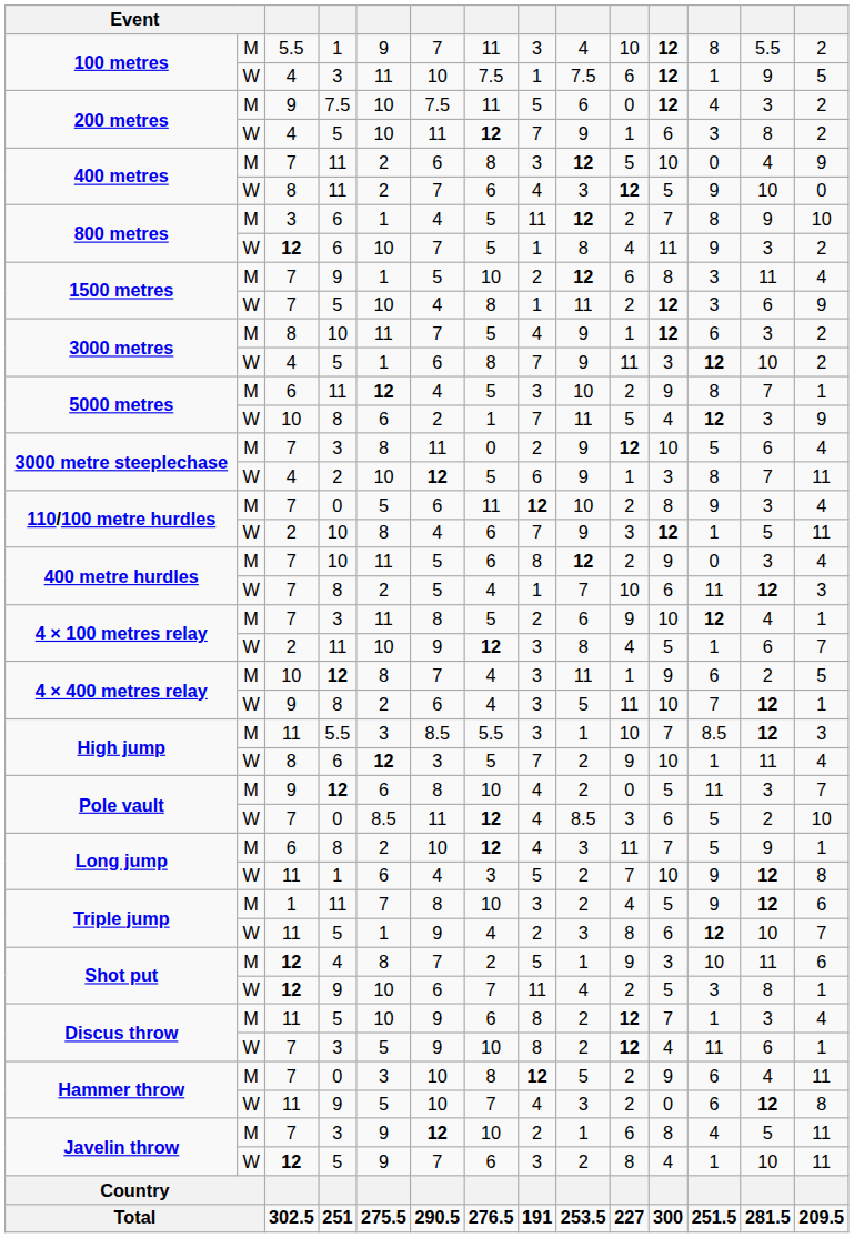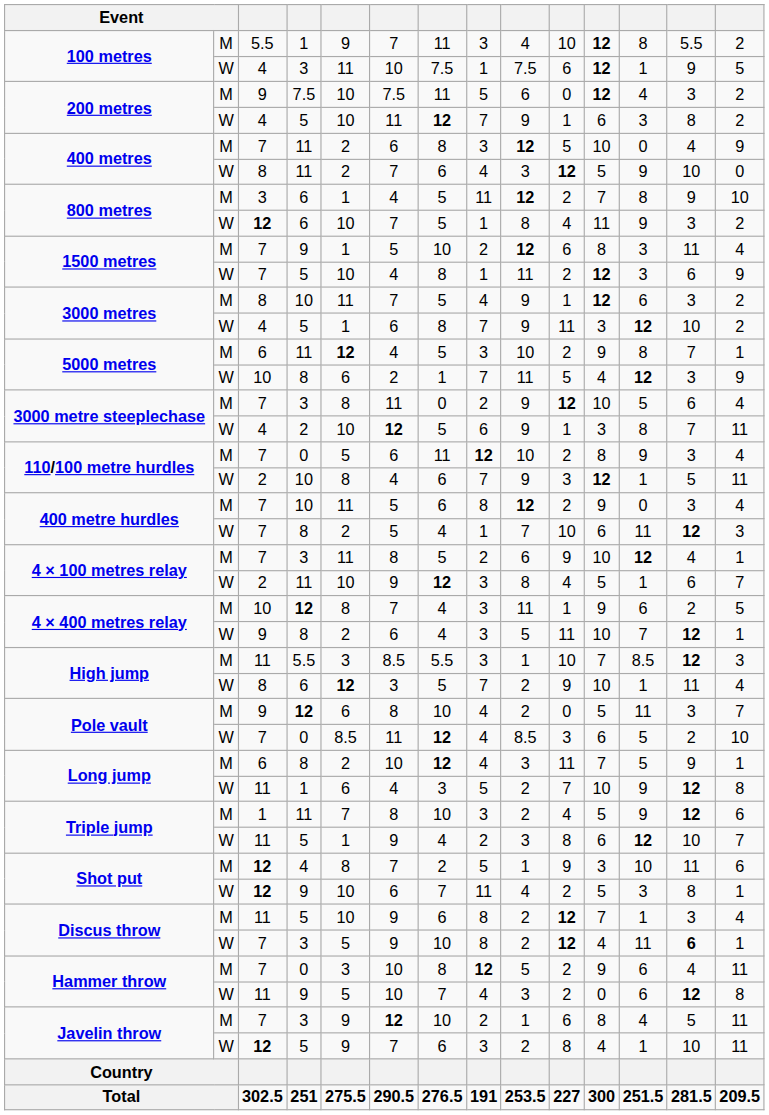 <table class="wikitable" style="background-color: #f9f9f9; font-size: 90%; text-align: center">
 <tr>
 <th width=200 colspan=2>Event</th>
 <th></th>
 <th></th>
 <th></th>
 <th></th>
 <th></th>
 <th></th>
 <th></th>
 <th></th>
 <th></th>
 <th></th>
 <th></th>
 <th></th>
 </tr>
 <tr>
 <td rowspan=2><strong><a href='#'>100 metres</a></strong></td>
 <td>M</td>
 <td>5.5</td>
 <td>1</td>
 <td>9</td>
 <td>7</td>
 <td>11</td>
 <td>3</td>
 <td>4</td>
 <td>10</td>
 <td><strong>12</strong></td>
 <td>8</td>
 <td>5.5</td>
 <td>2</td>
 </tr>
 <tr>
 <td>W</td>
 <td>4</td>
 <td>3</td>
 <td>11</td>
 <td>10</td>
 <td>7.5</td>
 <td>1</td>
 <td>7.5</td>
 <td>6</td>
 <td><strong>12</strong></td>
 <td>1</td>
 <td>9</td>
 <td>5</td>
 </tr>
 <tr>
 <td rowspan=2><strong><a href='#'>200 metres</a></strong></td>
 <td>M</td>
 <td>9</td>
 <td>7.5</td>
 <td>10</td>
 <td>7.5</td>
 <td>11</td>
 <td>5</td>
 <td>6</td>
 <td>0</td>
 <td><strong>12</strong></td>
 <td>4</td>
 <td>3</td>
 <td>2</td>
 </tr>
 <tr>
 <td>W</td>
 <td>4</td>
 <td>5</td>
 <td>10</td>
 <td>11</td>
 <td><strong>12</strong></td>
 <td>7</td>
 <td>9</td>
 <td>1</td>
 <td>6</td>
 <td>3</td>
 <td>8</td>
 <td>2</td>
 </tr>
 <tr>
 <td rowspan=2><strong><a href='#'>400 metres</a></strong></td>
 <td>M</td>
 <td>7</td>
 <td>11</td>
 <td>2</td>
 <td>6</td>
 <td>8</td>
 <td>3</td>
 <td><strong>12</strong></td>
 <td>5</td>
 <td>10</td>
 <td>0</td>
 <td>4</td>
 <td>9</td>
 </tr>
 <tr>
 <td>W</td>
 <td>8</td>
 <td>11</td>
 <td>2</td>
 <td>7</td>
 <td>6</td>
 <td>4</td>
 <td>3</td>
 <td><strong>12</strong></td>
 <td>5</td>
 <td>9</td>
 <td>10</td>
 <td>0</td>
 </tr>
 <tr>
 <td rowspan=2><strong><a href='#'>800 metres</a></strong></td>
 <td>M</td>
 <td>3</td>
 <td>6</td>
 <td>1</td>
 <td>4</td>
 <td>5</td>
 <td>11</td>
 <td><strong>12</strong></td>
 <td>2</td>
 <td>7</td>
 <td>8</td>
 <td>9</td>
 <td>10</td>
 </tr>
 <tr>
 <td>W</td>
 <td><strong>12</strong></td>
 <td>6</td>
 <td>10</td>
 <td>7</td>
 <td>5</td>
 <td>1</td>
 <td>8</td>
 <td>4</td>
 <td>11</td>
 <td>9</td>
 <td>3</td>
 <td>2</td>
 </tr>
 <tr>
 <td rowspan=2><strong><a href='#'>1500 metres</a></strong></td>
 <td>M</td>
 <td>7</td>
 <td>9</td>
 <td>1</td>
 <td>5</td>
 <td>10</td>
 <td>2</td>
 <td><strong>12</strong></td>
 <td>6</td>
 <td>8</td>
 <td>3</td>
 <td>11</td>
 <td>4</td>
 </tr>
 <tr>
 <td>W</td>
 <td>7</td>
 <td>5</td>
 <td>10</td>
 <td>4</td>
 <td>8</td>
 <td>1</td>
 <td>11</td>
 <td>2</td>
 <td><strong>12</strong></td>
 <td>3</td>
 <td>6</td>
 <td>9</td>
 </tr>
 <tr>
 <td rowspan=2><strong><a href='#'>3000 metres</a></strong></td>
 <td>M</td>
 <td>8</td>
 <td>10</td>
 <td>11</td>
 <td>7</td>
 <td>5</td>
 <td>4</td>
 <td>9</td>
 <td>1</td>
 <td><strong>12</strong></td>
 <td>6</td>
 <td>3</td>
 <td>2</td>
 </tr>
 <tr>
 <td>W</td>
 <td>4</td>
 <td>5</td>
 <td>1</td>
 <td>6</td>
 <td>8</td>
 <td>7</td>
 <td>9</td>
 <td>11</td>
 <td>3</td>
 <td><strong>12</strong></td>
 <td>10</td>
 <td>2</td>
 </tr>
 <tr>
 <td rowspan=2><strong><a href='#'>5000 metres</a></strong></td>
 <td>M</td>
 <td>6</td>
 <td>11</td>
 <td><strong>12</strong></td>
 <td>4</td>
 <td>5</td>
 <td>3</td>
 <td>10</td>
 <td>2</td>
 <td>9</td>
 <td>8</td>
 <td>7</td>
 <td>1</td>
 </tr>
 <tr>
 <td>W</td>
 <td>10</td>
 <td>8</td>
 <td>6</td>
 <td>2</td>
 <td>1</td>
 <td>7</td>
 <td>11</td>
 <td>5</td>
 <td>4</td>
 <td><strong>12</strong></td>
 <td>3</td>
 <td>9</td>
 </tr>
 <tr>
 <td rowspan=2><strong><a href='#'>3000 metre steeplechase</a></strong></td>
 <td>M</td>
 <td>7</td>
 <td>3</td>
 <td>8</td>
 <td>11</td>
 <td>0</td>
 <td>2</td>
 <td>9</td>
 <td><strong>12</strong></td>
 <td>10</td>
 <td>5</td>
 <td>6</td>
 <td>4</td>
 </tr>
 <tr>
 <td>W</td>
 <td>4</td>
 <td>2</td>
 <td>10</td>
 <td><strong>12</strong></td>
 <td>5</td>
 <td>6</td>
 <td>9</td>
 <td>1</td>
 <td>3</td>
 <td>8</td>
 <td>7</td>
 <td>11</td>
 </tr>
 <tr>
 <td rowspan=2><strong><a href='#'>110</a>/<a href='#'>100 metre hurdles</a></strong></td>
 <td>M</td>
 <td>7</td>
 <td>0</td>
 <td>5</td>
 <td>6</td>
 <td>11</td>
 <td><strong>12</strong></td>
 <td>10</td>
 <td>2</td>
 <td>8</td>
 <td>9</td>
 <td>3</td>
 <td>4</td>
 </tr>
 <tr>
 <td>W</td>
 <td>2</td>
 <td>10</td>
 <td>8</td>
 <td>4</td>
 <td>6</td>
 <td>7</td>
 <td>9</td>
 <td>3</td>
 <td><strong>12</strong></td>
 <td>1</td>
 <td>5</td>
 <td>11</td>
 </tr>
 <tr>
 <td rowspan=2><strong><a href='#'>400 metre hurdles</a></strong></td>
 <td>M</td>
 <td>7</td>
 <td>10</td>
 <td>11</td>
 <td>5</td>
 <td>6</td>
 <td>8</td>
 <td><strong>12</strong></td>
 <td>2</td>
 <td>9</td>
 <td>0</td>
 <td>3</td>
 <td>4</td>
 </tr>
 <tr>
 <td>W</td>
 <td>7</td>
 <td>8</td>
 <td>2</td>
 <td>5</td>
 <td>4</td>
 <td>1</td>
 <td>7</td>
 <td>10</td>
 <td>6</td>
 <td>11</td>
 <td><strong>12</strong></td>
 <td>3</td>
 </tr>
 <tr>
 <td rowspan=2><strong><a href='#'>4 × 100 metres relay</a></strong></td>
 <td>M</td>
 <td>7</td>
 <td>3</td>
 <td>11</td>
 <td>8</td>
 <td>5</td>
 <td>2</td>
 <td>6</td>
 <td>9</td>
 <td>10</td>
 <td><strong>12</strong></td>
 <td>4</td>
 <td>1</td>
 </tr>
 <tr>
 <td>W</td>
 <td>2</td>
 <td>11</td>
 <td>10</td>
 <td>9</td>
 <td><strong>12</strong></td>
 <td>3</td>
 <td>8</td>
 <td>4</td>
 <td>5</td>
 <td>1</td>
 <td>6</td>
 <td>7</td>
 </tr>
 <tr>
 <td rowspan=2><strong><a href='#'>4 × 400 metres relay</a></strong></td>
 <td>M</td>
 <td>10</td>
 <td><strong>12</strong></td>
 <td>8</td>
 <td>7</td>
 <td>4</td>
 <td>3</td>
 <td>11</td>
 <td>1</td>
 <td>9</td>
 <td>6</td>
 <td>2</td>
 <td>5</td>
 </tr>
 <tr>
 <td>W</td>
 <td>9</td>
 <td>8</td>
 <td>2</td>
 <td>6</td>
 <td>4</td>
 <td>3</td>
 <td>5</td>
 <td>11</td>
 <td>10</td>
 <td>7</td>
 <td><strong>12</strong></td>
 <td>1</td>
 </tr>
 <tr>
 <td rowspan=2><strong><a href='#'>High jump</a></strong></td>
 <td>M</td>
 <td>11</td>
 <td>5.5</td>
 <td>3</td>
 <td>8.5</td>
 <td>5.5</td>
 <td>3</td>
 <td>1</td>
 <td>10</td>
 <td>7</td>
 <td>8.5</td>
 <td><strong>12</strong></td>
 <td>3</td>
 </tr>
 <tr>
 <td>W</td>
 <td>8</td>
 <td>6</td>
 <td><strong>12</strong></td>
 <td>3</td>
 <td>5</td>
 <td>7</td>
 <td>2</td>
 <td>9</td>
 <td>10</td>
 <td>1</td>
 <td>11</td>
 <td>4</td>
 </tr>
 <tr>
 <td rowspan=2><strong><a href='#'>Pole vault</a></strong></td>
 <td>M</td>
 <td>9</td>
 <td><strong>12</strong></td>
 <td>6</td>
 <td>8</td>
 <td>10</td>
 <td>4</td>
 <td>2</td>
 <td>0</td>
 <td>5</td>
 <td>11</td>
 <td>3</td>
 <td>7</td>
 </tr>
 <tr>
 <td>W</td>
 <td>7</td>
 <td>0</td>
 <td>8.5</td>
 <td>11</td>
 <td><strong>12</strong></td>
 <td>4</td>
 <td>8.5</td>
 <td>3</td>
 <td>6</td>
 <td>5</td>
 <td>2</td>
 <td>10</td>
 </tr>
 <tr>
 <td rowspan=2><strong><a href='#'>Long jump</a></strong></td>
 <td>M</td>
 <td>6</td>
 <td>8</td>
 <td>2</td>
 <td>10</td>
 <td><strong>12</strong></td>
 <td>4</td>
 <td>3</td>
 <td>11</td>
 <td>7</td>
 <td>5</td>
 <td>9</td>
 <td>1</td>
 </tr>
 <tr>
 <td>W</td>
 <td>11</td>
 <td>1</td>
 <td>6</td>
 <td>4</td>
 <td>3</td>
 <td>5</td>
 <td>2</td>
 <td>7</td>
 <td>10</td>
 <td>9</td>
 <td><strong>12</strong></td>
 <td>8</td>
 </tr>
 <tr>
 <td rowspan=2><strong><a href='#'>Triple jump</a></strong></td>
 <td>M</td>
 <td>1</td>
 <td>11</td>
 <td>7</td>
 <td>8</td>
 <td>10</td>
 <td>3</td>
 <td>2</td>
 <td>4</td>
 <td>5</td>
 <td>9</td>
 <td><strong>12</strong></td>
 <td>6</td>
 </tr>
 <tr>
 <td>W</td>
 <td>11</td>
 <td>5</td>
 <td>1</td>
 <td>9</td>
 <td>4</td>
 <td>2</td>
 <td>3</td>
 <td>8</td>
 <td>6</td>
 <td><strong>12</strong></td>
 <td>10</td>
 <td>7</td>
 </tr>
 <tr>
 <td rowspan=2><strong><a href='#'>Shot put</a></strong></td>
 <td>M</td>
 <td><strong>12</strong></td>
 <td>4</td>
 <td>8</td>
 <td>7</td>
 <td>2</td>
 <td>5</td>
 <td>1</td>
 <td>9</td>
 <td>3</td>
 <td>10</td>
 <td>11</td>
 <td>6</td>
 </tr>
 <tr>
 <td>W</td>
 <td><strong>12</strong></td>
 <td>9</td>
 <td>10</td>
 <td>6</td>
 <td>7</td>
 <td>11</td>
 <td>4</td>
 <td>2</td>
 <td>5</td>
 <td>3</td>
 <td>8</td>
 <td>1</td>
 </tr>
 <tr>
 <td rowspan=2><strong><a href='#'>Discus throw</a></strong></td>
 <td>M</td>
 <td>11</td>
 <td>5</td>
 <td>10</td>
 <td>9</td>
 <td>6</td>
 <td>8</td>
 <td>2</td>
 <td><strong>12</strong></td>
 <td>7</td>
 <td>1</td>
 <td>3</td>
 <td>4</td>
 </tr>
 <tr>
 <td>W</td>
 <td>7</td>
 <td>3</td>
 <td>5</td>
 <td>9</td>
 <td>10</td>
 <td>8</td>
 <td>2</td>
 <td><strong>12</strong></td>
 <td>4</td>
 <td>11</td>
-<td>6</td>
+<td><strong>6</strong></td>
 <td>1</td>
 </tr>
 <tr>
 <td rowspan=2><strong><a href='#'>Hammer throw</a></strong></td>
 <td>M</td>
 <td>7</td>
 <td>0</td>
 <td>3</td>
 <td>10</td>
 <td>8</td>
 <td><strong>12</strong></td>
 <td>5</td>
 <td>2</td>
 <td>9</td>
 <td>6</td>
 <td>4</td>
 <td>11</td>
 </tr>
 <tr>
 <td>W</td>
 <td>11</td>
 <td>9</td>
 <td>5</td>
 <td>10</td>
 <td>7</td>
 <td>4</td>
 <td>3</td>
 <td>2</td>
 <td>0</td>
 <td>6</td>
 <td><strong>12</strong></td>
 <td>8</td>
 </tr>
 <tr>
 <td rowspan=2><strong><a href='#'>Javelin throw</a></strong></td>
 <td>M</td>
 <td>7</td>
 <td>3</td>
 <td>9</td>
 <td><strong>12</strong></td>
 <td>10</td>
 <td>2</td>
 <td>1</td>
 <td>6</td>
 <td>8</td>
 <td>4</td>
 <td>5</td>
 <td>11</td>
 </tr>
 <tr>
 <td>W</td>
 <td><strong>12</strong></td>
 <td>5</td>
 <td>9</td>
 <td>7</td>
 <td>6</td>
 <td>3</td>
 <td>2</td>
 <td>8</td>
 <td>4</td>
 <td>1</td>
 <td>10</td>
 <td>11</td>
 </tr>
 <tr>
 <th colspan=2>Country</th>
 <th></th>
 <th></th>
 <th></th>
 <th></th>
 <th></th>
 <th></th>
 <th></th>
 <th></th>
 <th></th>
 <th></th>
 <th></th>
 <th></th>
 </tr>
 <tr>
 <th colspan=2>Total</th>
 <td><strong>302.5</strong></td>
 <td><strong>251</strong></td>
 <td><strong>275.5</strong></td>
 <td><strong>290.5</strong></td>
 <td><strong>276.5</strong></td>
 <td><strong>191</strong></td>
 <td><strong>253.5</strong></td>
 <td><strong>227</strong></td>
 <td><strong>300</strong></td>
 <td><strong>251.5</strong></td>
 <td><strong>281.5</strong></td>
 <td><strong>209.5</strong></td>
 </tr>
 </table>
